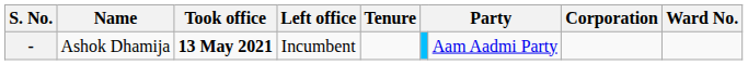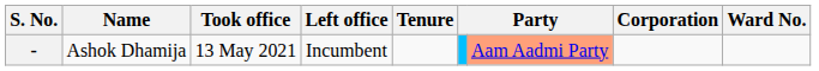 <table class="wikitable" style="text-align:center">
 <tr>
 <th>S. No.</th>
 <th>Name</th>
 <th>Took office</th>
 <th>Left office</th>
 <th>Tenure</th>
 <th colspan=2>Party</th>
 <th>Corporation</th>
 <th>Ward No.</th>
 </tr>
 <tr>
 <th>-</th>
 <td>Ashok Dhamija</td>
-<td><strong>13 May 2021</strong></td>
+<td>13 May 2021</td>
 <td>Incumbent</td>
 <td></td>
 <td bgcolor=#00BFFF></td>
-<td><a href='#'>Aam Aadmi Party</a></td>
+<td style="background: lightsalmon;"><a href='#'>Aam Aadmi Party</a></td>
 <td></td>
 <td></td>
 </tr>
 </table>
